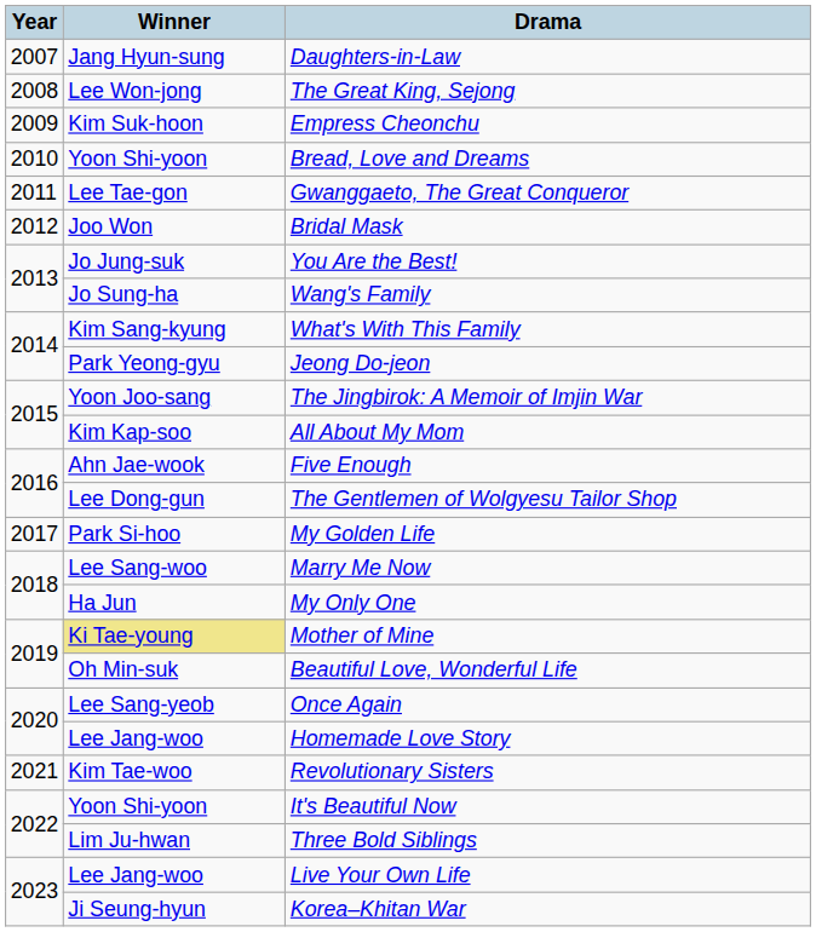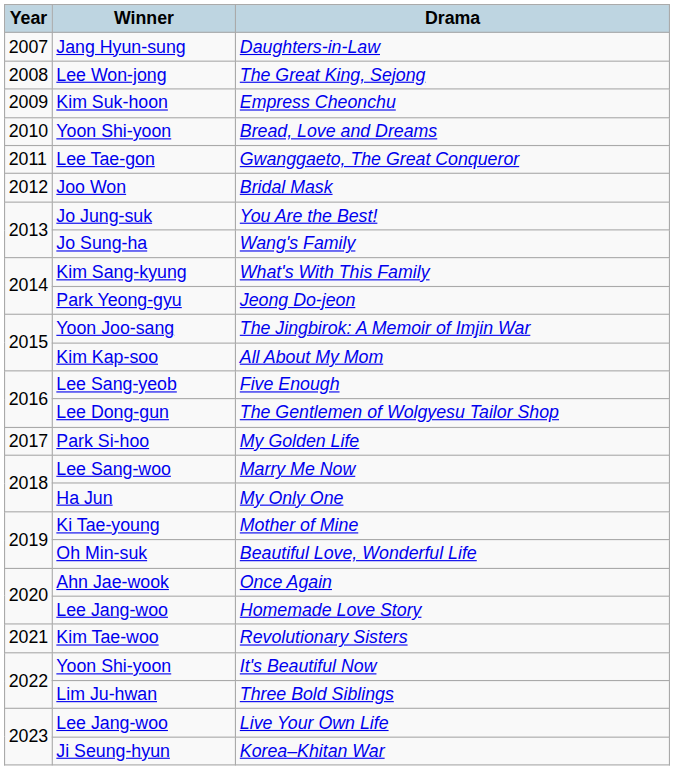 <table class="wikitable" style="width:600px">
 <tr>
 <th style="background:#BED5E1;" width="30">Year</th>
 <th style="background:#BED5E1;">Winner</th>
 <th style="background:#BED5E1;">Drama</th>
 </tr>
 <tr>
 <td>2007</td>
 <td><a href='#'>Jang Hyun-sung</a></td>
 <td><em><a href='#'>Daughters-in-Law</a></em></td>
 </tr>
 <tr>
 <td>2008</td>
 <td><a href='#'>Lee Won-jong</a></td>
 <td><em><a href='#'>The Great King, Sejong</a></em></td>
 </tr>
 <tr>
 <td>2009</td>
 <td><a href='#'>Kim Suk-hoon</a></td>
 <td><em><a href='#'>Empress Cheonchu</a></em></td>
 </tr>
 <tr>
 <td>2010</td>
 <td><a href='#'>Yoon Shi-yoon</a></td>
 <td><em><a href='#'>Bread, Love and Dreams</a></em></td>
 </tr>
 <tr>
 <td>2011</td>
 <td><a href='#'>Lee Tae-gon</a></td>
 <td><em><a href='#'>Gwanggaeto, The Great Conqueror</a></em></td>
 </tr>
 <tr>
 <td>2012</td>
 <td><a href='#'>Joo Won</a></td>
 <td><em><a href='#'>Bridal Mask</a></em></td>
 </tr>
 <tr>
 <td rowspan="2">2013</td>
 <td><a href='#'>Jo Jung-suk</a></td>
 <td><em><a href='#'>You Are the Best!</a></em></td>
 </tr>
 <tr>
 <td><a href='#'>Jo Sung-ha</a></td>
 <td><em><a href='#'>Wang's Family</a></em></td>
 </tr>
 <tr>
 <td rowspan="2">2014</td>
 <td><a href='#'>Kim Sang-kyung</a></td>
 <td><em><a href='#'>What's With This Family</a></em></td>
 </tr>
 <tr>
 <td><a href='#'>Park Yeong-gyu</a></td>
 <td><em><a href='#'>Jeong Do-jeon</a></em></td>
 </tr>
 <tr>
 <td rowspan="2">2015</td>
 <td><a href='#'>Yoon Joo-sang</a></td>
 <td><em><a href='#'>The Jingbirok: A Memoir of Imjin War</a></em></td>
 </tr>
 <tr>
 <td><a href='#'>Kim Kap-soo</a></td>
 <td><em><a href='#'>All About My Mom</a></em></td>
 </tr>
 <tr>
 <td rowspan="2">2016</td>
-<td><a href='#'>Ahn Jae-wook</a></td>
+<td><a href='#'>Lee Sang-yeob</a></td>
 <td><em><a href='#'>Five Enough</a></em></td>
 </tr>
 <tr>
 <td><a href='#'>Lee Dong-gun</a></td>
 <td><em><a href='#'>The Gentlemen of Wolgyesu Tailor Shop</a></em></td>
 </tr>
 <tr>
 <td>2017</td>
 <td><a href='#'>Park Si-hoo</a></td>
 <td><em><a href='#'>My Golden Life</a></em></td>
 </tr>
 <tr>
 <td rowspan="2">2018</td>
 <td><a href='#'>Lee Sang-woo</a></td>
 <td><em><a href='#'>Marry Me Now</a></em></td>
 </tr>
 <tr>
 <td><a href='#'>Ha Jun</a></td>
 <td><em><a href='#'>My Only One</a></em></td>
 </tr>
 <tr>
 <td rowspan="2">2019</td>
-<td style="background: khaki;"><a href='#'>Ki Tae-young</a></td>
+<td><a href='#'>Ki Tae-young</a></td>
 <td><em><a href='#'>Mother of Mine</a></em></td>
 </tr>
 <tr>
 <td><a href='#'>Oh Min-suk</a></td>
 <td><em><a href='#'>Beautiful Love, Wonderful Life</a></em></td>
 </tr>
 <tr>
 <td rowspan="2">2020</td>
-<td><a href='#'>Lee Sang-yeob</a></td>
+<td><a href='#'>Ahn Jae-wook</a></td>
 <td><em> <a href='#'>Once Again</a></em></td>
 </tr>
 <tr>
 <td><a href='#'>Lee Jang-woo</a></td>
 <td><em><a href='#'>Homemade Love Story</a></em></td>
 </tr>
 <tr>
 <td>2021</td>
 <td><a href='#'>Kim Tae-woo</a></td>
 <td><em><a href='#'>Revolutionary Sisters</a></em></td>
 </tr>
 <tr>
 <td rowspan="2">2022</td>
 <td><a href='#'>Yoon Shi-yoon</a></td>
 <td><em><a href='#'>It's Beautiful Now</a></em></td>
 </tr>
 <tr>
 <td><a href='#'>Lim Ju-hwan</a></td>
 <td><em><a href='#'>Three Bold Siblings</a></em></td>
 </tr>
 <tr>
 <td rowspan="2">2023</td>
 <td><a href='#'>Lee Jang-woo</a></td>
 <td><em><a href='#'>Live Your Own Life</a></em></td>
 </tr>
 <tr>
 <td><a href='#'>Ji Seung-hyun</a></td>
 <td><em><a href='#'>Korea–Khitan War</a></em></td>
 </tr>
 </table>
